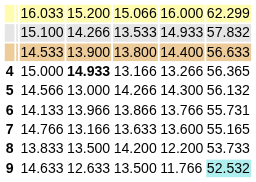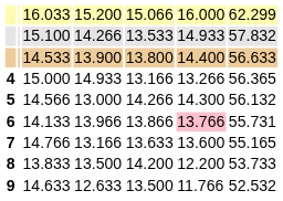 <table>
 <tr style="background:#fffcaf;">
 <th scope=row style="text-align:center"></th>
 <td align=left></td>
 <td>16.033</td>
 <td>15.200</td>
 <td>15.066</td>
 <td>16.000</td>
 <td>62.299</td>
 </tr>
 <tr style="background:#e5e5e5;">
 <th scope=row style="text-align:center"></th>
 <td align=left></td>
 <td>15.100</td>
 <td>14.266</td>
 <td>13.533</td>
 <td>14.933</td>
 <td>57.832</td>
 </tr>
 <tr style="background:#ec9;">
 <th scope=row style="text-align:center"></th>
 <td align=left></td>
 <td>14.533</td>
 <td>13.900</td>
 <td>13.800</td>
 <td>14.400</td>
 <td>56.633</td>
 </tr>
 <tr>
 <th scope=row style="text-align:center">4</th>
 <td align=left></td>
 <td>15.000</td>
-<td><strong>14.933</strong></td>
+<td>14.933</td>
 <td>13.166</td>
 <td>13.266</td>
 <td>56.365</td>
 </tr>
 <tr>
 <th scope=row style="text-align:center">5</th>
 <td align=left></td>
 <td>14.566</td>
 <td>13.000</td>
 <td>14.266</td>
 <td>14.300</td>
 <td>56.132</td>
 </tr>
 <tr>
 <th scope=row style="text-align:center">6</th>
 <td align=left></td>
 <td>14.133</td>
 <td>13.966</td>
 <td>13.866</td>
-<td>13.766</td>
+<td style="background: pink;">13.766</td>
 <td>55.731</td>
 </tr>
 <tr>
 <th scope=row style="text-align:center">7</th>
 <td align=left></td>
 <td>14.766</td>
 <td>13.166</td>
 <td>13.633</td>
 <td>13.600</td>
 <td>55.165</td>
 </tr>
 <tr>
 <th scope=row style="text-align:center">8</th>
 <td align=left></td>
 <td>13.833</td>
 <td>13.500</td>
 <td>14.200</td>
 <td>12.200</td>
 <td>53.733</td>
 </tr>
 <tr>
 <th scope=row style="text-align:center">9</th>
 <td align=left></td>
 <td>14.633</td>
 <td>12.633</td>
 <td>13.500</td>
 <td>11.766</td>
-<td style="background: paleturquoise;">52.532</td>
+<td>52.532</td>
 </tr>
 </table>
